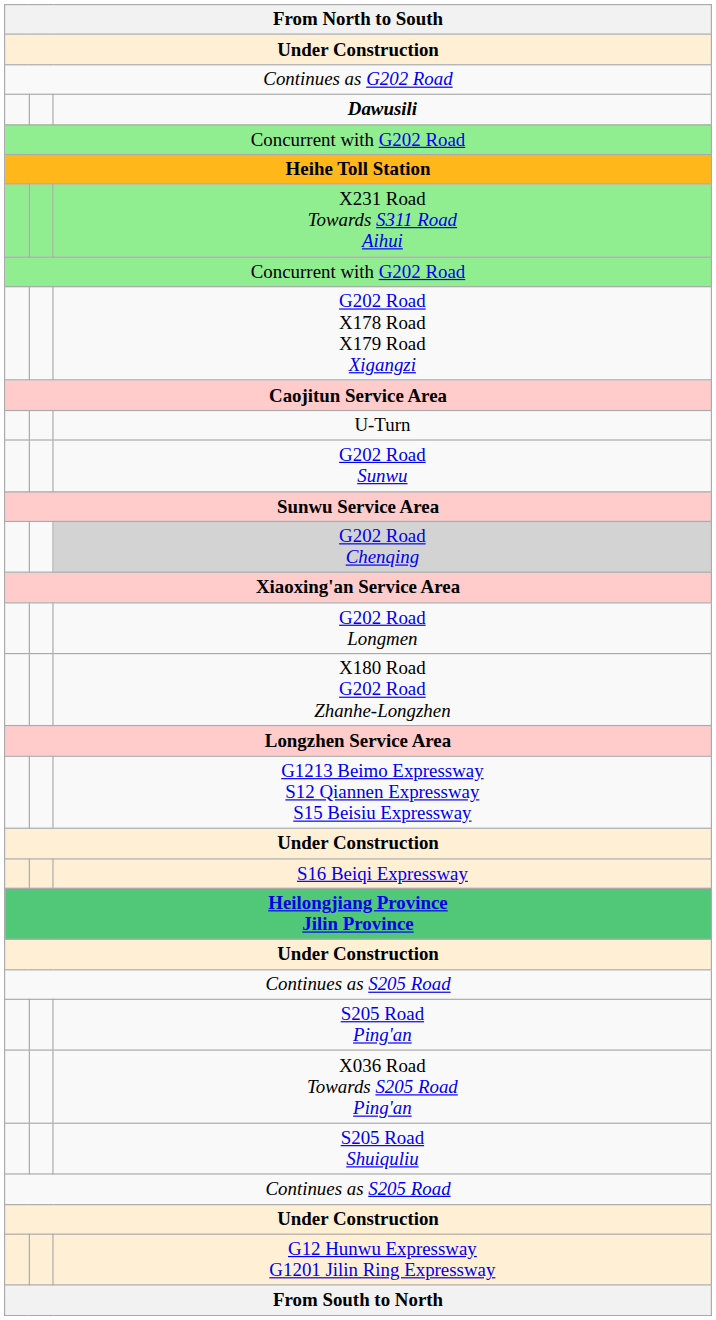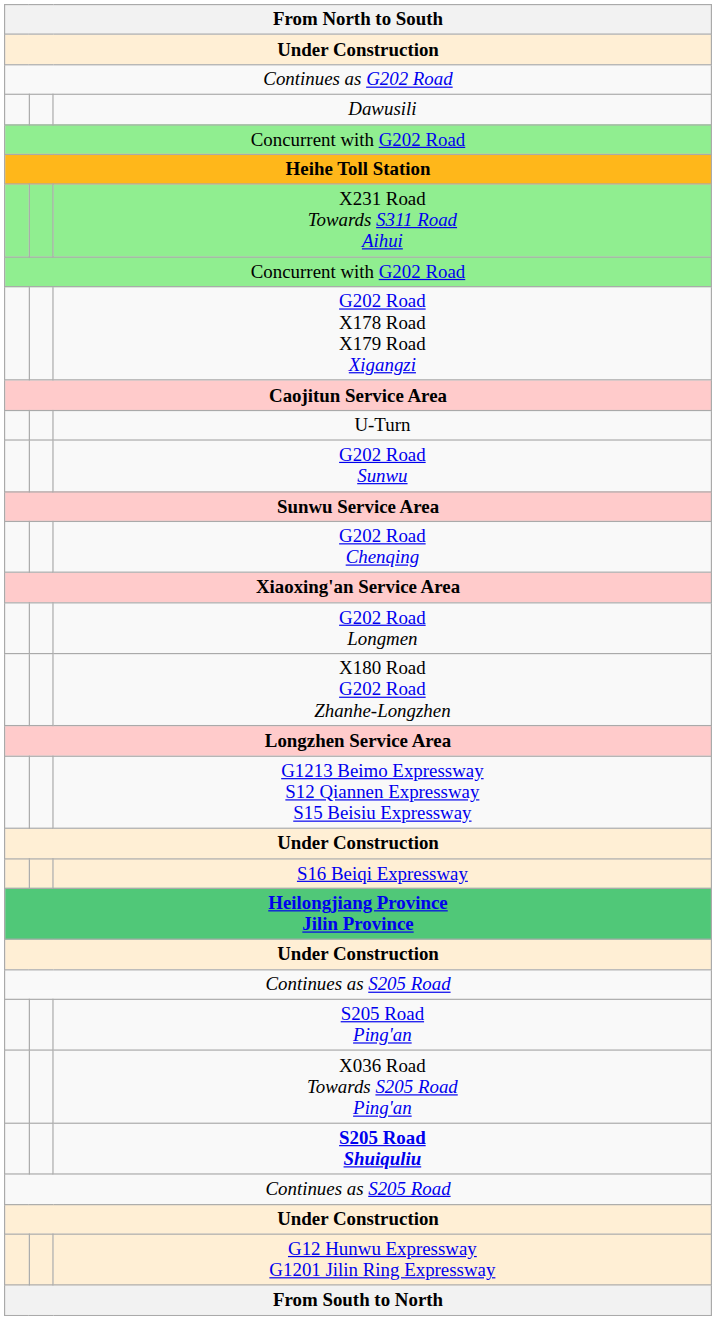 <table class="wikitable" style="text-align:center" width="600px">
 <tr>
 <th text-align="center" colspan="3"> From North to South </th>
 </tr>
 <tr>
 <td colspan="3"  style="background:#ffefd5;">  <strong>Under Construction</strong>  </td>
 </tr>
 <tr>
 <td colspan=6><em>Continues as  <a href='#'>G202 Road</a></em></td>
 </tr>
 <tr>
 <td></td>
 <td></td>
-<td><strong><em>Dawusili</em></strong></td>
+<td><em>Dawusili</em></td>
 </tr>
 <tr style="background:#90ee90;">
 <td colspan="7"> Concurrent with  <a href='#'>G202 Road</a> </td>
 </tr>
 <tr style="background:#ffb71a;">
 <td colspan="7"> <strong>Heihe Toll Station</strong></td>
 </tr>
 <tr style="background:#90ee90;">
 <td></td>
 <td></td>
 <td> X231 Road<br><em>Towards  <a href='#'>S311 Road</a></em><br><em><a href='#'>Aihui</a></em></td>
 </tr>
 <tr style="background:#90ee90;">
 <td colspan="7"> Concurrent with  <a href='#'>G202 Road</a> </td>
 </tr>
 <tr>
 <td></td>
 <td></td>
 <td> <a href='#'>G202 Road</a><br> X178 Road<br> X179 Road<br><em><a href='#'>Xigangzi</a></em></td>
 </tr>
 <tr>
 <td align="center" style="background:#FFCBCB;" colspan="7"> <strong>Caojitun Service Area</strong></td>
 </tr>
 <tr>
 <td></td>
 <td></td>
 <td> U-Turn</td>
 </tr>
 <tr>
 <td></td>
 <td></td>
 <td> <a href='#'>G202 Road</a><br><em><a href='#'>Sunwu</a></em></td>
 </tr>
 <tr>
 <td align="center" style="background:#FFCBCB;" colspan="7"> <strong>Sunwu Service Area</strong></td>
 </tr>
 <tr>
 <td></td>
 <td></td>
-<td style="background: lightgrey;"> <a href='#'>G202 Road</a><br><em><a href='#'>Chenqing</a></em></td>
+<td> <a href='#'>G202 Road</a><br><em><a href='#'>Chenqing</a></em></td>
 </tr>
 <tr>
 <td align="center" style="background:#FFCBCB;" colspan="7"> <strong>Xiaoxing'an Service Area</strong></td>
 </tr>
 <tr>
 <td></td>
 <td></td>
 <td> <a href='#'>G202 Road</a><br><em>Longmen</em></td>
 </tr>
 <tr>
 <td></td>
 <td></td>
 <td> X180 Road<br> <a href='#'>G202 Road</a><br><em>Zhanhe-Longzhen</em></td>
 </tr>
 <tr>
 <td align="center" style="background:#FFCBCB;" colspan="7"> <strong>Longzhen Service Area</strong></td>
 </tr>
 <tr>
 <td></td>
 <td></td>
 <td> <a href='#'>G1213 Beimo Expressway</a><br> <a href='#'>S12 Qiannen Expressway</a><br> <a href='#'>S15 Beisiu Expressway</a></td>
 </tr>
 <tr>
 <td colspan="3"  style="background:#ffefd5;">  <strong>Under Construction</strong>  </td>
 </tr>
 <tr style="background:#ffefd5;">
 <td></td>
 <td></td>
 <td>  <a href='#'>S16 Beiqi Expressway</a></td>
 </tr>
 <tr style="background:#50c878;">
 <td colspan="7"> <strong><a href='#'>Heilongjiang Province</a></strong> <br> <strong><a href='#'>Jilin Province</a></strong> </td>
 </tr>
 <tr>
 <td colspan="3"  style="background:#ffefd5;">  <strong>Under Construction</strong>  </td>
 </tr>
 <tr>
 <td colspan=6><em>Continues as  <a href='#'>S205 Road</a></em></td>
 </tr>
 <tr>
 <td></td>
 <td></td>
 <td> <a href='#'>S205 Road</a><br><em><a href='#'>Ping'an</a></em></td>
 </tr>
 <tr>
 <td></td>
 <td></td>
 <td> X036 Road<br><em>Towards  <a href='#'>S205 Road</a></em><br><em><a href='#'>Ping'an</a></em></td>
 </tr>
 <tr>
 <td></td>
 <td></td>
-<td> <a href='#'>S205 Road</a><br><em><a href='#'>Shuiquliu</a></em></td>
+<td><strong> <a href='#'>S205 Road</a><br><em><a href='#'>Shuiquliu</a></em></strong></td>
 </tr>
 <tr>
 <td colspan=6><em>Continues as  <a href='#'>S205 Road</a></em></td>
 </tr>
 <tr>
 <td colspan="3"  style="background:#ffefd5;">  <strong>Under Construction</strong>  </td>
 </tr>
 <tr style="background:#ffefd5;">
 <td></td>
 <td></td>
 <td> <a href='#'>G12 Hunwu Expressway</a><br> <a href='#'>G1201 Jilin Ring Expressway</a></td>
 </tr>
 <tr>
 <th text-align="center" colspan="3"> From South to North </th>
 </tr>
 </table>
